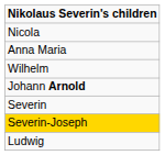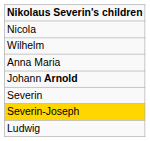 <table class=wikitable align=right>
 <tr>
 <td><strong>Nikolaus Severin's children</strong></td>
 </tr>
 <tr>
 <td>Nicola</td>
 </tr>
 <tr>
-<td>Anna Maria</td>
+<td>Wilhelm</td>
 </tr>
 <tr>
-<td>Wilhelm</td>
+<td>Anna Maria</td>
 </tr>
 <tr>
 <td>Johann <strong>Arnold</strong></td>
 </tr>
 <tr>
 <td>Severin</td>
 </tr>
 <tr>
 <td style="background: gold;">Severin-Joseph</td>
 </tr>
 <tr>
 <td>Ludwig</td>
 </tr>
 </table>
